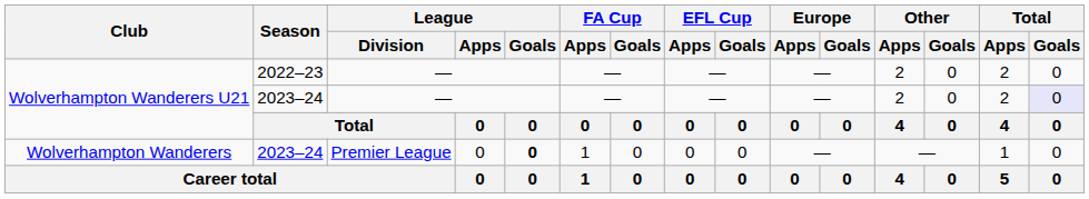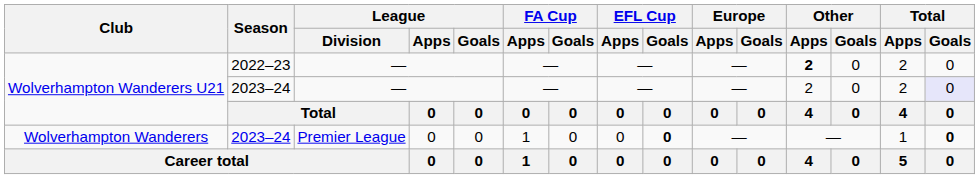 <table class="wikitable" style="text-align: center;">
 <tr>
 <th rowspan=2>Club</th>
 <th rowspan=2>Season</th>
 <th colspan=3>League</th>
 <th colspan=2><a href='#'>FA Cup</a></th>
 <th colspan=2><a href='#'>EFL Cup</a></th>
 <th colspan=2>Europe</th>
 <th colspan=2>Other</th>
 <th colspan=2>Total</th>
 </tr>
 <tr>
 <th>Division</th>
 <th>Apps</th>
 <th>Goals</th>
 <th>Apps</th>
 <th>Goals</th>
 <th>Apps</th>
 <th>Goals</th>
 <th>Apps</th>
 <th>Goals</th>
 <th>Apps</th>
 <th>Goals</th>
 <th>Apps</th>
 <th>Goals</th>
 </tr>
 <tr>
 <td rowspan=3><a href='#'>Wolverhampton Wanderers U21</a></td>
 <td>2022–23</td>
 <td colspan=3>—</td>
 <td colspan=2>—</td>
 <td colspan=2>—</td>
 <td colspan=2>—</td>
-<td>2</td>
+<td><strong>2</strong></td>
 <td>0</td>
 <td>2</td>
 <td>0</td>
 </tr>
 <tr>
 <td>2023–24</td>
 <td colspan=3>—</td>
 <td colspan=2>—</td>
 <td colspan=2>—</td>
 <td colspan=2>—</td>
 <td>2</td>
 <td>0</td>
 <td>2</td>
 <td style="background: lavender;">0</td>
 </tr>
 <tr>
 <th colspan=2>Total</th>
 <th>0</th>
 <th>0</th>
 <th>0</th>
 <th>0</th>
 <th>0</th>
 <th>0</th>
 <th>0</th>
 <th>0</th>
 <th>4</th>
 <th>0</th>
 <th>4</th>
 <th>0</th>
 </tr>
 <tr>
 <td><a href='#'>Wolverhampton Wanderers</a></td>
 <td><a href='#'>2023–24</a></td>
 <td><a href='#'>Premier League</a></td>
 <td>0</td>
-<td><strong>0</strong></td>
+<td>0</td>
 <td>1</td>
 <td>0</td>
 <td>0</td>
-<td>0</td>
+<td><strong>0</strong></td>
 <td colspan=2>—</td>
 <td colspan=2>—</td>
 <td>1</td>
-<td>0</td>
+<td><strong>0</strong></td>
 </tr>
 <tr>
 <th colspan=3>Career total</th>
 <th>0</th>
 <th>0</th>
 <th>1</th>
 <th>0</th>
 <th>0</th>
 <th>0</th>
 <th>0</th>
 <th>0</th>
 <th>4</th>
 <th>0</th>
 <th>5</th>
 <th>0</th>
 </tr>
 </table>
